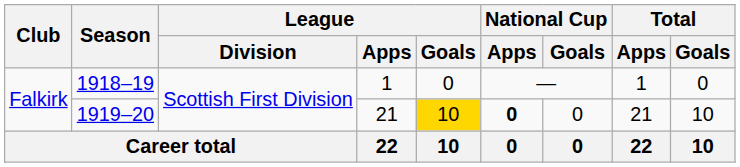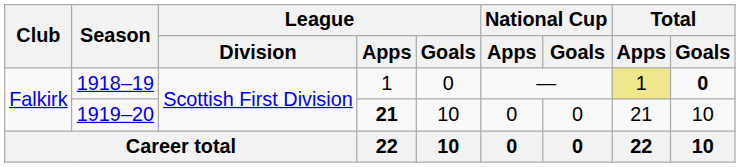 <table class="wikitable" style="text-align: center;">
 <tr>
 <th rowspan="2">Club</th>
 <th rowspan="2">Season</th>
 <th colspan="3">League</th>
 <th colspan="2">National Cup</th>
 <th colspan="2">Total</th>
 </tr>
 <tr>
 <th>Division</th>
 <th>Apps</th>
 <th>Goals</th>
 <th>Apps</th>
 <th>Goals</th>
 <th>Apps</th>
 <th>Goals</th>
 </tr>
 <tr>
 <td rowspan="2"><a href='#'>Falkirk</a></td>
 <td><a href='#'>1918–19</a></td>
 <td rowspan="2"><a href='#'>Scottish First Division</a></td>
 <td>1</td>
 <td>0</td>
 <td colspan="2">—</td>
-<td>1</td>
-<td>0</td>
+<td style="background: khaki;">1</td>
+<td><strong>0</strong></td>
 </tr>
 <tr>
 <td><a href='#'>1919–20</a></td>
-<td>21</td>
-<td style="background: gold;">10</td>
-<td><strong>0</strong></td>
+<td><strong>21</strong></td>
+<td>10</td>
+<td>0</td>
 <td>0</td>
 <td>21</td>
 <td>10</td>
 </tr>
 <tr>
 <th colspan="3">Career total</th>
 <th>22</th>
 <th>10</th>
 <th>0</th>
 <th>0</th>
 <th>22</th>
 <th>10</th>
 </tr>
 </table>
